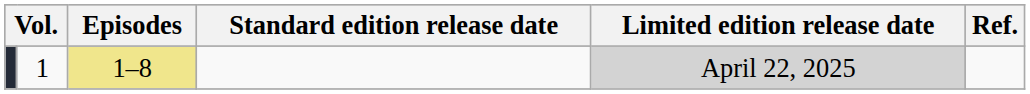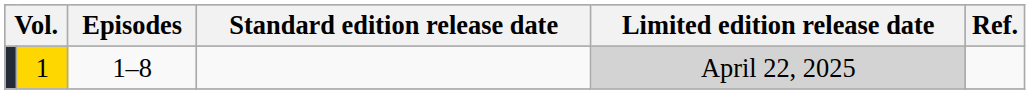 <table class="wikitable" style="text-align: center; width: 70%;">
 <tr>
 <th colspan="2">Vol.</th>
 <th>Episodes</th>
 <th>Standard edition release date</th>
 <th>Limited edition release date</th>
 <th width="5%">Ref.</th>
 </tr>
 <tr>
 <td width="1%" style="background: #242B38;"></td>
-<td>1</td>
-<td style="background: khaki;">1–8</td>
+<td style="background: gold;">1</td>
+<td>1–8</td>
 <td></td>
 <td style="background: lightgrey;">April 22, 2025</td>
 <td></td>
 </tr>
 </table>
